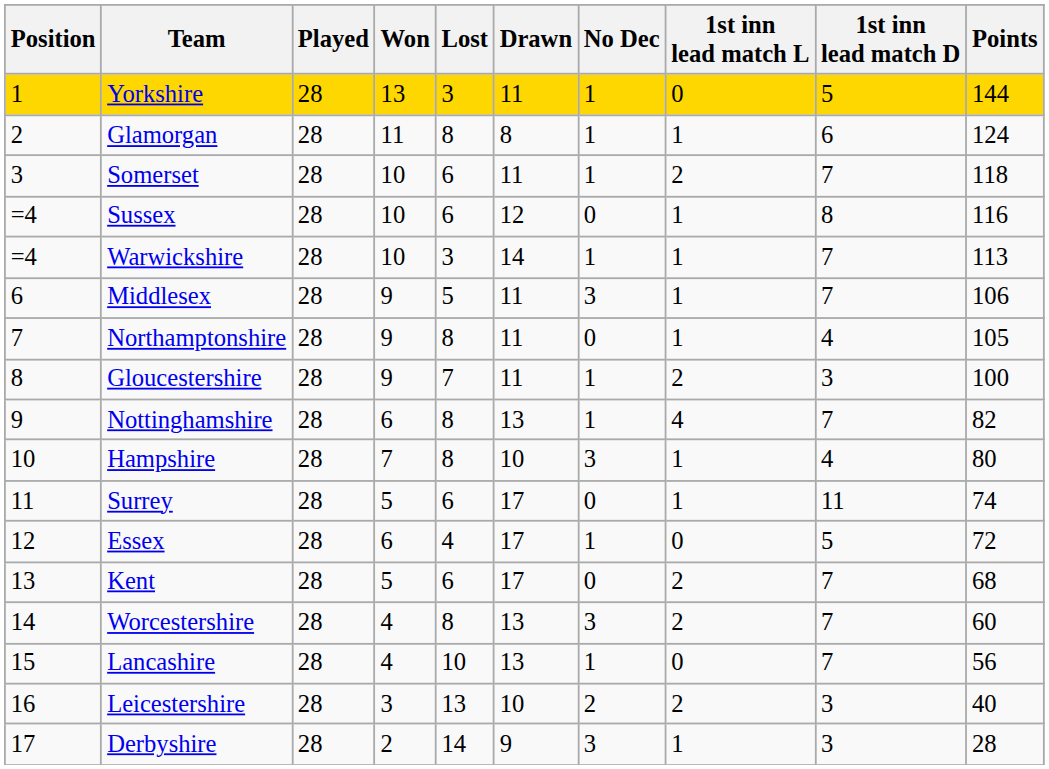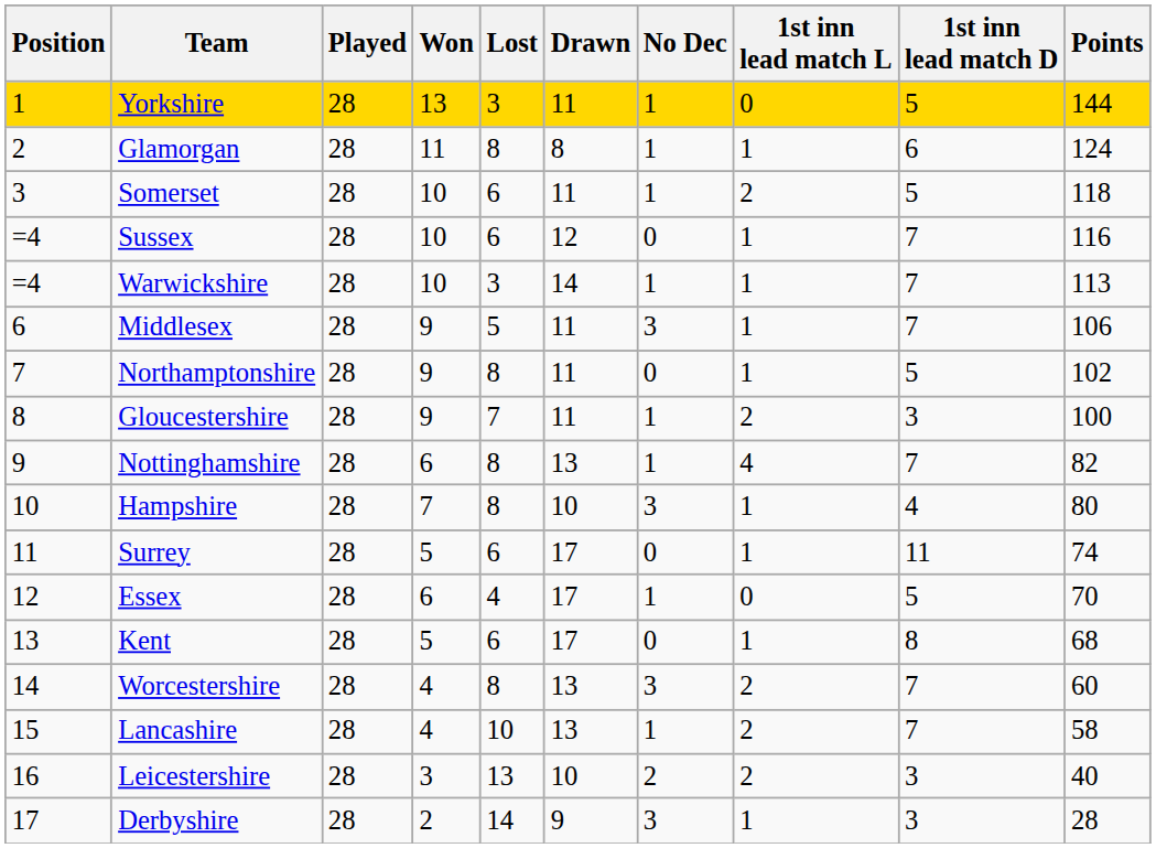 <table class="wikitable" style="font-size:85%;">
 <tr>
 <th>Position</th>
 <th>Team</th>
 <th>Played</th>
 <th>Won</th>
 <th>Lost</th>
 <th>Drawn</th>
 <th>No Dec</th>
 <th>1st inn<br>lead match L</th>
 <th>1st inn<br>lead match D</th>
 <th>Points</th>
 </tr>
 <tr>
 <td bgcolor="gold">1</td>
 <td bgcolor="gold"><a href='#'>Yorkshire</a></td>
 <td bgcolor="gold">28</td>
 <td bgcolor="gold">13</td>
 <td bgcolor="gold">3</td>
 <td bgcolor="gold">11</td>
 <td bgcolor="gold">1</td>
 <td bgcolor="gold">0</td>
 <td bgcolor="gold">5</td>
 <td bgcolor="gold">144</td>
 </tr>
 <tr>
 <td>2</td>
 <td><a href='#'>Glamorgan</a></td>
 <td>28</td>
 <td>11</td>
 <td>8</td>
 <td>8</td>
 <td>1</td>
 <td>1</td>
 <td>6</td>
 <td>124</td>
 </tr>
 <tr>
 <td>3</td>
 <td><a href='#'>Somerset</a></td>
 <td>28</td>
 <td>10</td>
 <td>6</td>
 <td>11</td>
 <td>1</td>
 <td>2</td>
-<td>7</td>
+<td>5</td>
 <td>118</td>
 </tr>
 <tr>
 <td>=4</td>
 <td><a href='#'>Sussex</a></td>
 <td>28</td>
 <td>10</td>
 <td>6</td>
 <td>12</td>
 <td>0</td>
 <td>1</td>
-<td>8</td>
+<td>7</td>
 <td>116</td>
 </tr>
 <tr>
 <td>=4</td>
 <td><a href='#'>Warwickshire</a></td>
 <td>28</td>
 <td>10</td>
 <td>3</td>
 <td>14</td>
 <td>1</td>
 <td>1</td>
 <td>7</td>
 <td>113</td>
 </tr>
 <tr>
 <td>6</td>
 <td><a href='#'>Middlesex</a></td>
 <td>28</td>
 <td>9</td>
 <td>5</td>
 <td>11</td>
 <td>3</td>
 <td>1</td>
 <td>7</td>
 <td>106</td>
 </tr>
 <tr>
 <td>7</td>
 <td><a href='#'>Northamptonshire</a></td>
 <td>28</td>
 <td>9</td>
 <td>8</td>
 <td>11</td>
 <td>0</td>
 <td>1</td>
-<td>4</td>
-<td>105</td>
+<td>5</td>
+<td>102</td>
 </tr>
 <tr>
 <td>8</td>
 <td><a href='#'>Gloucestershire</a></td>
 <td>28</td>
 <td>9</td>
 <td>7</td>
 <td>11</td>
 <td>1</td>
 <td>2</td>
 <td>3</td>
 <td>100</td>
 </tr>
 <tr>
 <td>9</td>
 <td><a href='#'>Nottinghamshire</a></td>
 <td>28</td>
 <td>6</td>
 <td>8</td>
 <td>13</td>
 <td>1</td>
 <td>4</td>
 <td>7</td>
 <td>82</td>
 </tr>
 <tr>
 <td>10</td>
 <td><a href='#'>Hampshire</a></td>
 <td>28</td>
 <td>7</td>
 <td>8</td>
 <td>10</td>
 <td>3</td>
 <td>1</td>
 <td>4</td>
 <td>80</td>
 </tr>
 <tr>
 <td>11</td>
 <td><a href='#'>Surrey</a></td>
 <td>28</td>
 <td>5</td>
 <td>6</td>
 <td>17</td>
 <td>0</td>
 <td>1</td>
 <td>11</td>
 <td>74</td>
 </tr>
 <tr>
 <td>12</td>
 <td><a href='#'>Essex</a></td>
 <td>28</td>
 <td>6</td>
 <td>4</td>
 <td>17</td>
 <td>1</td>
 <td>0</td>
 <td>5</td>
-<td>72</td>
+<td>70</td>
 </tr>
 <tr>
 <td>13</td>
 <td><a href='#'>Kent</a></td>
 <td>28</td>
 <td>5</td>
 <td>6</td>
 <td>17</td>
 <td>0</td>
-<td>2</td>
-<td>7</td>
+<td>1</td>
+<td>8</td>
 <td>68</td>
 </tr>
 <tr>
 <td>14</td>
 <td><a href='#'>Worcestershire</a></td>
 <td>28</td>
 <td>4</td>
 <td>8</td>
 <td>13</td>
 <td>3</td>
 <td>2</td>
 <td>7</td>
 <td>60</td>
 </tr>
 <tr>
 <td>15</td>
 <td><a href='#'>Lancashire</a></td>
 <td>28</td>
 <td>4</td>
 <td>10</td>
 <td>13</td>
 <td>1</td>
-<td>0</td>
+<td>2</td>
 <td>7</td>
-<td>56</td>
+<td>58</td>
 </tr>
 <tr>
 <td>16</td>
 <td><a href='#'>Leicestershire</a></td>
 <td>28</td>
 <td>3</td>
 <td>13</td>
 <td>10</td>
 <td>2</td>
 <td>2</td>
 <td>3</td>
 <td>40</td>
 </tr>
 <tr>
 <td>17</td>
 <td><a href='#'>Derbyshire</a></td>
 <td>28</td>
 <td>2</td>
 <td>14</td>
 <td>9</td>
 <td>3</td>
 <td>1</td>
 <td>3</td>
 <td>28</td>
 </tr>
 </table>
